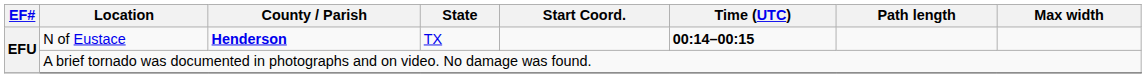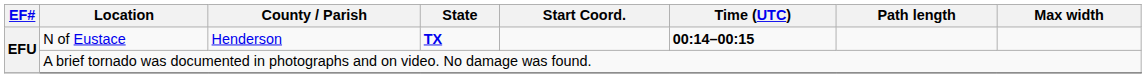 <table class="wikitable sortable" style="width:100%;">
 <tr>
 <th scope="col" width="2%" align="center"><a href='#'>EF#</a></th>
 <th scope="col" align="center" class="unsortable">Location</th>
 <th scope="col" align="center" class="unsortable">County / Parish</th>
 <th scope="col" align="center">State</th>
 <th scope="col" align="center">Start Coord.</th>
 <th scope="col" align="center">Time (<a href='#'>UTC</a>)</th>
 <th scope="col" align="center">Path length</th>
 <th scope="col" align="center">Max width</th>
 </tr>
 <tr>
 <th scope="row" rowspan="2" style="background-color:#">EFU</th>
 <td>N of <a href='#'>Eustace</a></td>
-<td><strong><a href='#'>Henderson</a></strong></td>
-<td><a href='#'>TX</a></td>
+<td><a href='#'>Henderson</a></td>
+<td><strong><a href='#'>TX</a></strong></td>
 <td></td>
 <td><strong>00:14–00:15</strong></td>
 <td></td>
 <td></td>
 </tr>
 <tr class="expand-child">
 <td colspan="8" style=" border-bottom: 1px solid black;">A brief tornado was documented in photographs and on video. No damage was found.</td>
 </tr>
 <tr>
 </tr>
 </table>
